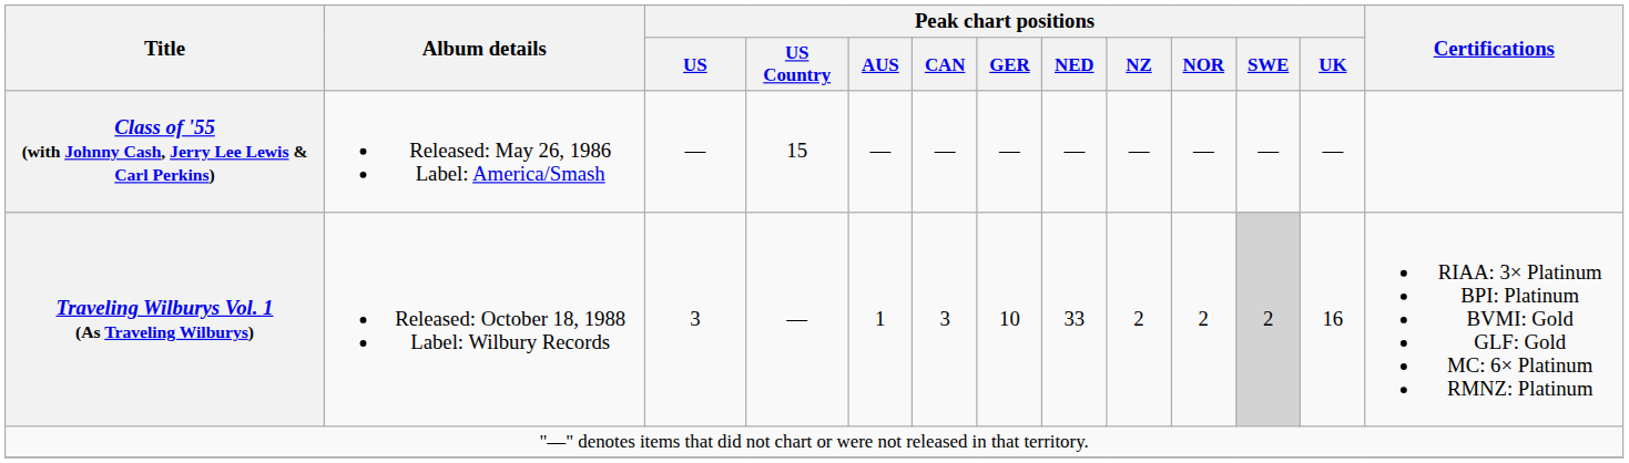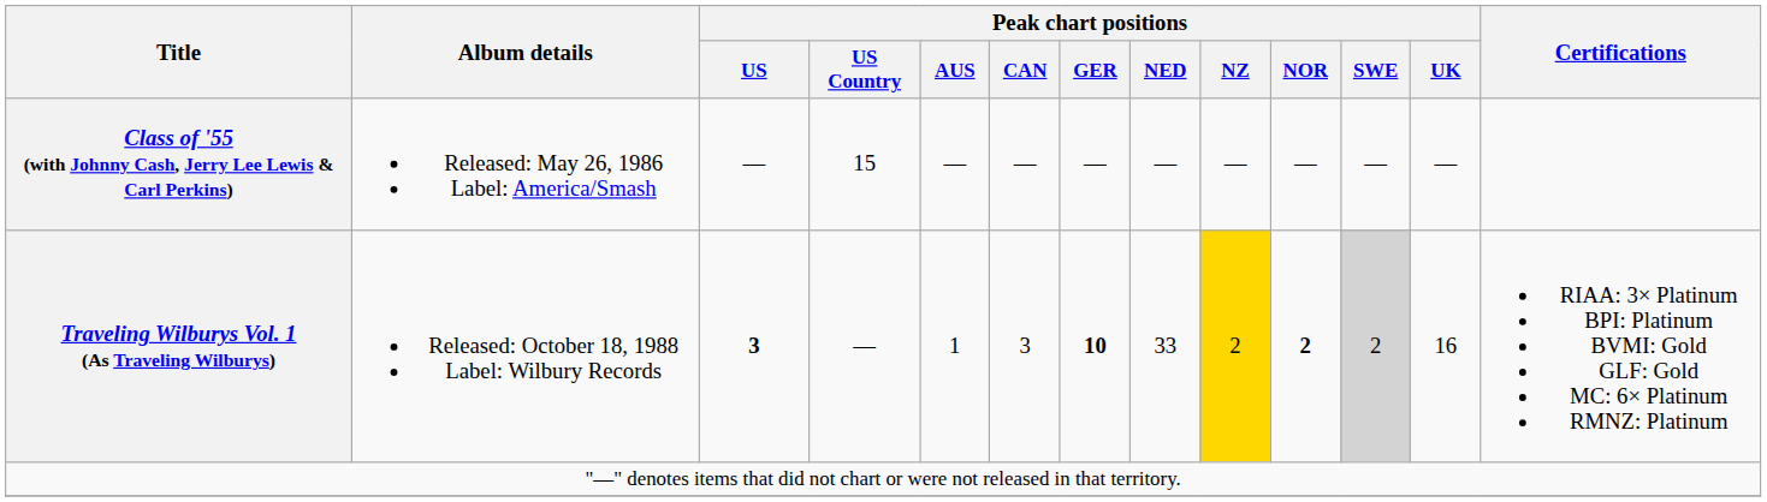 <table class="wikitable plainrowheaders" style="text-align:center;">
 <tr>
 <th scope="col" rowspan="2" style="width:15em;">Title</th>
 <th scope="col" rowspan="2" style="width:15em;">Album details</th>
 <th scope="col" colspan="10">Peak chart positions</th>
 <th rowspan="2" style="width:12em;"><a href='#'>Certifications</a></th>
 </tr>
 <tr>
 <th scope="col" style="width:5em;font-size:90%;"><a href='#'>US</a><br></th>
 <th scope="col" style="width:5em;font-size:90%;"><a href='#'>US<br>Country</a><br></th>
 <th scope="col" style="width:3em;font-size:90%;"><a href='#'>AUS</a><br></th>
 <th scope="col" style="width:3em;font-size:90%;"><a href='#'>CAN</a><br></th>
 <th scope="col" style="width:3em;font-size:90%;"><a href='#'>GER</a><br></th>
 <th scope="col" style="width:3em;font-size:90%;"><a href='#'>NED</a><br></th>
 <th scope="col" style="width:3em;font-size:90%;"><a href='#'>NZ</a><br></th>
 <th scope="col" style="width:3em;font-size:90%;"><a href='#'>NOR</a><br></th>
 <th scope="col" style="width:3em;font-size:90%;"><a href='#'>SWE</a><br></th>
 <th scope="col" style="width:3em;font-size:90%;"><a href='#'>UK</a><br></th>
 </tr>
 <tr>
 <th scope="row"><em><a href='#'>Class of '55</a></em><br><small>(with <a href='#'>Johnny Cash</a>, <a href='#'>Jerry Lee Lewis</a> & <a href='#'>Carl Perkins</a>)</small></th>
 <td><br><ul><li>Released: May 26, 1986</li><li>Label: <a href='#'>America/Smash</a></li></ul></td>
 <td>—</td>
 <td>15</td>
 <td>—</td>
 <td>—</td>
 <td>—</td>
 <td>—</td>
 <td>—</td>
 <td>—</td>
 <td>—</td>
 <td>—</td>
 <td></td>
 </tr>
 <tr>
 <th scope="row"><em><a href='#'>Traveling Wilburys Vol. 1</a></em><br><small>(As <a href='#'>Traveling Wilburys</a>)</small></th>
 <td><br><ul><li>Released: October 18, 1988</li><li>Label: Wilbury Records</li></ul></td>
-<td>3</td>
+<td><strong>3</strong></td>
 <td>—</td>
 <td>1</td>
 <td>3</td>
-<td>10</td>
+<td><strong>10</strong></td>
 <td>33</td>
-<td>2</td>
-<td>2</td>
+<td style="background: gold;">2</td>
+<td><strong>2</strong></td>
 <td style="background: lightgrey;">2</td>
 <td>16</td>
 <td><br><ul><li>RIAA: 3× Platinum</li><li>BPI: Platinum</li><li>BVMI: Gold</li><li>GLF: Gold</li><li>MC: 6× Platinum</li><li>RMNZ: Platinum</li></ul></td>
 </tr>
 <tr>
 <td align="center" colspan="15" style="font-size:90%">"—" denotes items that did not chart or were not released in that territory.</td>
 </tr>
 <tr>
 </tr>
 </table>
